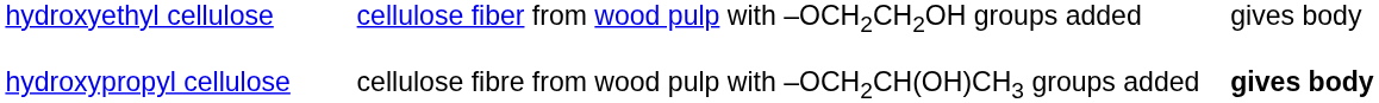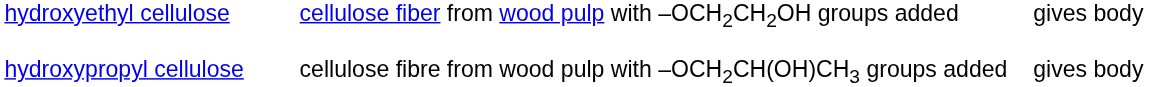 <table cellpadding="8">
 <tr valign="top">
 <td width="20%"><a href='#'>hydroxyethyl cellulose</a></td>
 <td width="50%"><a href='#'>cellulose fiber</a> from <a href='#'>wood pulp</a> with –OCH<sub>2</sub>CH<sub>2</sub>OH groups added</td>
 <td width="30%">gives body</td>
 </tr>
 <tr valign="top">
 <td><a href='#'>hydroxypropyl cellulose</a></td>
 <td>cellulose fibre from wood pulp with –OCH<sub>2</sub>CH(OH)CH<sub>3</sub> groups added</td>
-<td><strong>gives body</strong></td>
+<td>gives body</td>
 </tr>
 </table>
